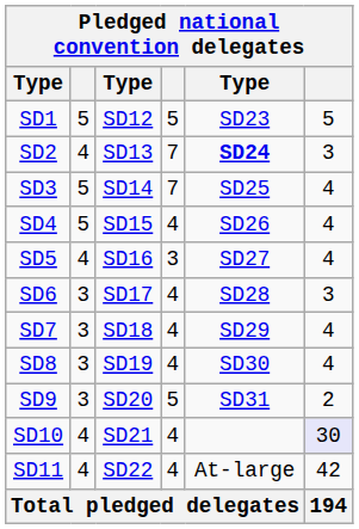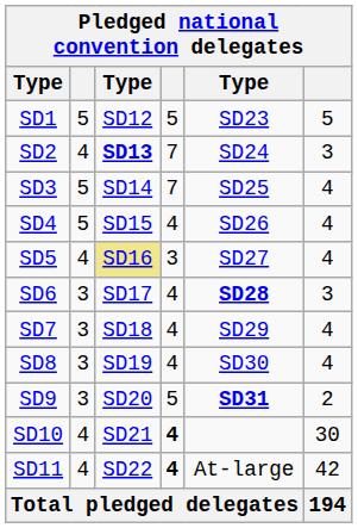 <table class="wikitable sortable" style="font-size:90%;text-align:center;float:none;padding:5px;">
 <tr>
 <th colspan="6">Pledged <a href='#'>national<br>convention</a> delegates</th>
 </tr>
 <tr>
 <th>Type</th>
 <th></th>
 <th>Type</th>
 <th></th>
 <th>Type</th>
 <th></th>
 </tr>
 <tr>
 <td><a href='#'>SD1</a></td>
 <td>5</td>
 <td><a href='#'>SD12</a></td>
 <td>5</td>
 <td><a href='#'>SD23</a></td>
 <td>5</td>
 </tr>
 <tr>
 <td><a href='#'>SD2</a></td>
 <td>4</td>
-<td><a href='#'>SD13</a></td>
+<td><strong><a href='#'>SD13</a></strong></td>
 <td>7</td>
-<td><strong><a href='#'>SD24</a></strong></td>
+<td><a href='#'>SD24</a></td>
 <td>3</td>
 </tr>
 <tr>
 <td><a href='#'>SD3</a></td>
 <td>5</td>
 <td><a href='#'>SD14</a></td>
 <td>7</td>
 <td><a href='#'>SD25</a></td>
 <td>4</td>
 </tr>
 <tr>
 <td><a href='#'>SD4</a></td>
 <td>5</td>
 <td><a href='#'>SD15</a></td>
 <td>4</td>
 <td><a href='#'>SD26</a></td>
 <td>4</td>
 </tr>
 <tr>
 <td><a href='#'>SD5</a></td>
 <td>4</td>
-<td><a href='#'>SD16</a></td>
+<td style="background: khaki;"><a href='#'>SD16</a></td>
 <td>3</td>
 <td><a href='#'>SD27</a></td>
 <td>4</td>
 </tr>
 <tr>
 <td><a href='#'>SD6</a></td>
 <td>3</td>
 <td><a href='#'>SD17</a></td>
 <td>4</td>
-<td><a href='#'>SD28</a></td>
+<td><strong><a href='#'>SD28</a></strong></td>
 <td>3</td>
 </tr>
 <tr>
 <td><a href='#'>SD7</a></td>
 <td>3</td>
 <td><a href='#'>SD18</a></td>
 <td>4</td>
 <td><a href='#'>SD29</a></td>
 <td>4</td>
 </tr>
 <tr>
 <td><a href='#'>SD8</a></td>
 <td>3</td>
 <td><a href='#'>SD19</a></td>
 <td>4</td>
 <td><a href='#'>SD30</a></td>
 <td>4</td>
 </tr>
 <tr>
 <td><a href='#'>SD9</a></td>
 <td>3</td>
 <td><a href='#'>SD20</a></td>
 <td>5</td>
-<td><a href='#'>SD31</a></td>
+<td><strong><a href='#'>SD31</a></strong></td>
 <td>2</td>
 </tr>
 <tr>
 <td><a href='#'>SD10</a></td>
 <td>4</td>
 <td><a href='#'>SD21</a></td>
-<td>4</td>
+<td><strong>4</strong></td>
 <td></td>
-<td style="background: lavender;">30</td>
+<td>30</td>
 </tr>
 <tr>
 <td><a href='#'>SD11</a></td>
 <td>4</td>
 <td><a href='#'>SD22</a></td>
-<td>4</td>
+<td><strong>4</strong></td>
 <td>At-large</td>
 <td>42</td>
 </tr>
 <tr>
 <th colspan=5>Total pledged delegates</th>
 <th>194</th>
 </tr>
 </table>
